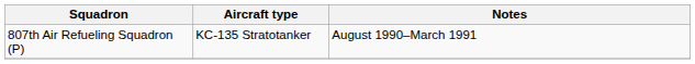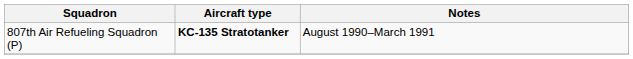 <table class="wikitable">
 <tr>
 <th scope="col" width="250">Squadron</th>
 <th scope="col" width="175">Aircraft type</th>
 <th scope="col" width="500">Notes</th>
 </tr>
 <tr valign="top">
 <td>807th Air Refueling Squadron (P)</td>
-<td>KC-135 Stratotanker</td>
+<td><strong>KC-135 Stratotanker</strong></td>
 <td>August 1990–March 1991</td>
 </tr>
 <tr>
 </tr>
 <tr>
 </tr>
 </table>
